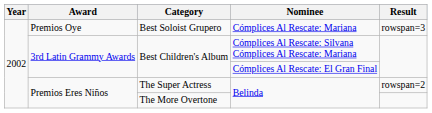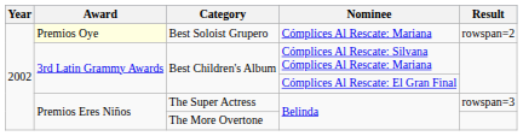 <table class="wikitable">
 <tr style="background:#b0c4de;">
 <th>Year</th>
 <th>Award</th>
 <th>Category</th>
 <th>Nominee</th>
 <th>Result</th>
 </tr>
 <tr>
 <td rowspan=5>2002</td>
-<td>Premios Oye</td>
+<td style="background: lightyellow;">Premios Oye</td>
 <td>Best Soloist Grupero</td>
 <td><a href='#'>Cómplices Al Rescate: Mariana</a></td>
-<td>rowspan=3 </td>
+<td>rowspan=2 </td>
 </tr>
 <tr>
 <td rowspan=2><a href='#'>3rd Latin Grammy Awards</a></td>
 <td rowspan=2>Best Children's Album</td>
 <td><a href='#'>Cómplices Al Rescate: Silvana</a><br><a href='#'>Cómplices Al Rescate: Mariana</a></td>
 </tr>
 <tr>
 <td><a href='#'>Cómplices Al Rescate: El Gran Final</a></td>
 </tr>
 <tr>
 <td rowspan=2>Premios Eres Niños</td>
 <td>The Super Actress</td>
 <td rowspan=2><a href='#'>Belinda</a></td>
-<td>rowspan=2 </td>
+<td>rowspan=3 </td>
 </tr>
 <tr>
 <td>The More Overtone</td>
 </tr>
 </table>
